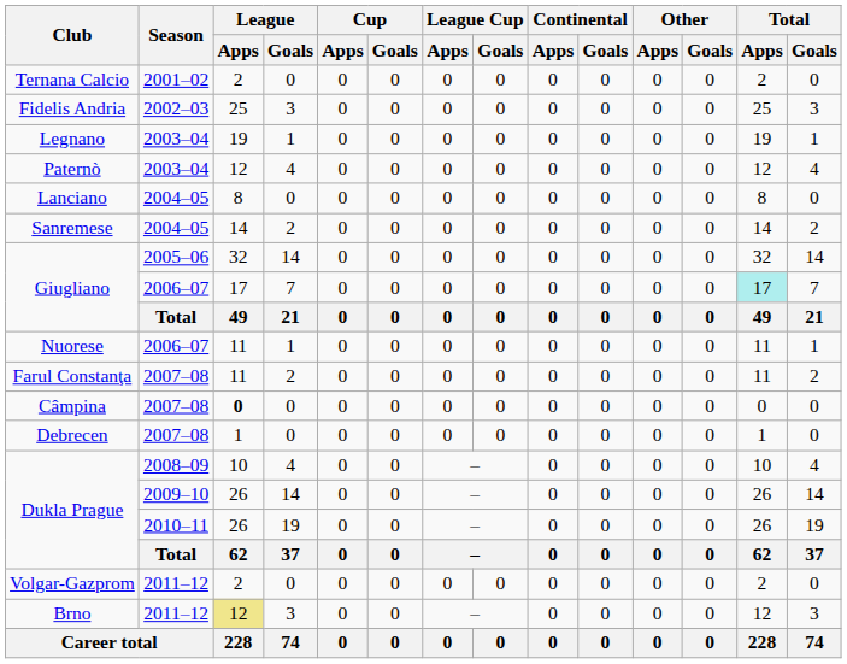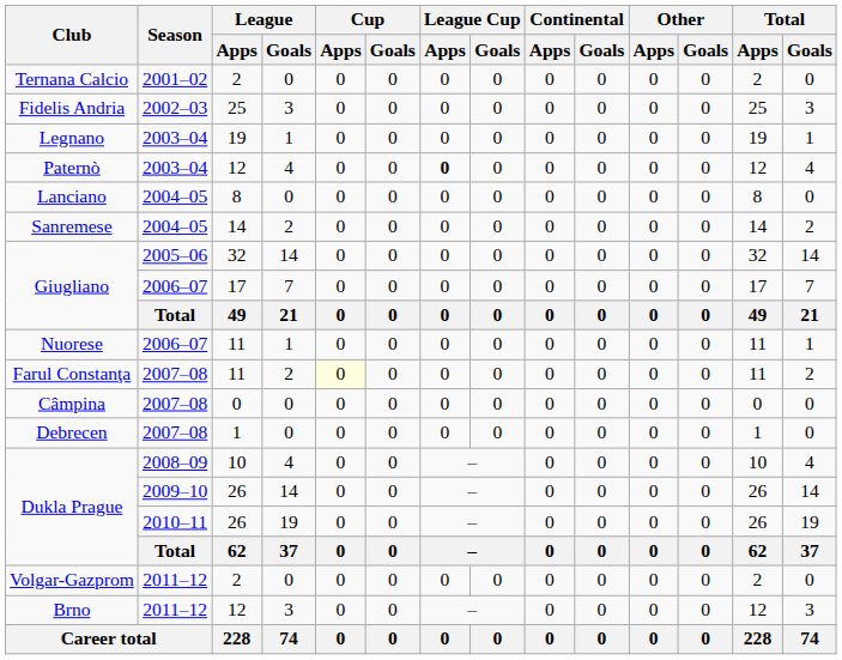 <table class="wikitable" style="text-align:center">
 <tr>
 <th rowspan="2">Club</th>
 <th rowspan="2">Season</th>
 <th colspan="2">League</th>
 <th colspan="2">Cup</th>
 <th colspan="2">League Cup</th>
 <th colspan="2">Continental</th>
 <th colspan="2">Other</th>
 <th colspan="2">Total</th>
 </tr>
 <tr>
 <th>Apps</th>
 <th>Goals</th>
 <th>Apps</th>
 <th>Goals</th>
 <th>Apps</th>
 <th>Goals</th>
 <th>Apps</th>
 <th>Goals</th>
 <th>Apps</th>
 <th>Goals</th>
 <th>Apps</th>
 <th>Goals</th>
 </tr>
 <tr>
 <td><a href='#'>Ternana Calcio</a></td>
 <td><a href='#'>2001–02</a></td>
 <td>2</td>
 <td>0</td>
 <td>0</td>
 <td>0</td>
 <td>0</td>
 <td>0</td>
 <td>0</td>
 <td>0</td>
 <td>0</td>
 <td>0</td>
 <td>2</td>
 <td>0</td>
 </tr>
 <tr>
 <td><a href='#'>Fidelis Andria</a></td>
 <td><a href='#'>2002–03</a></td>
 <td>25</td>
 <td>3</td>
 <td>0</td>
 <td>0</td>
 <td>0</td>
 <td>0</td>
 <td>0</td>
 <td>0</td>
 <td>0</td>
 <td>0</td>
 <td>25</td>
 <td>3</td>
 </tr>
 <tr>
 <td><a href='#'>Legnano</a></td>
 <td><a href='#'>2003–04</a></td>
 <td>19</td>
 <td>1</td>
 <td>0</td>
 <td>0</td>
 <td>0</td>
 <td>0</td>
 <td>0</td>
 <td>0</td>
 <td>0</td>
 <td>0</td>
 <td>19</td>
 <td>1</td>
 </tr>
 <tr>
 <td><a href='#'>Paternò</a></td>
 <td><a href='#'>2003–04</a></td>
 <td>12</td>
 <td>4</td>
 <td>0</td>
 <td>0</td>
-<td>0</td>
+<td><strong>0</strong></td>
 <td>0</td>
 <td>0</td>
 <td>0</td>
 <td>0</td>
 <td>0</td>
 <td>12</td>
 <td>4</td>
 </tr>
 <tr>
 <td><a href='#'>Lanciano</a></td>
 <td><a href='#'>2004–05</a></td>
 <td>8</td>
 <td>0</td>
 <td>0</td>
 <td>0</td>
 <td>0</td>
 <td>0</td>
 <td>0</td>
 <td>0</td>
 <td>0</td>
 <td>0</td>
 <td>8</td>
 <td>0</td>
 </tr>
 <tr>
 <td><a href='#'>Sanremese</a></td>
 <td><a href='#'>2004–05</a></td>
 <td>14</td>
 <td>2</td>
 <td>0</td>
 <td>0</td>
 <td>0</td>
 <td>0</td>
 <td>0</td>
 <td>0</td>
 <td>0</td>
 <td>0</td>
 <td>14</td>
 <td>2</td>
 </tr>
 <tr>
 <td rowspan="3"><a href='#'>Giugliano</a></td>
 <td><a href='#'>2005–06</a></td>
 <td>32</td>
 <td>14</td>
 <td>0</td>
 <td>0</td>
 <td>0</td>
 <td>0</td>
 <td>0</td>
 <td>0</td>
 <td>0</td>
 <td>0</td>
 <td>32</td>
 <td>14</td>
 </tr>
 <tr>
 <td><a href='#'>2006–07</a></td>
 <td>17</td>
 <td>7</td>
 <td>0</td>
 <td>0</td>
 <td>0</td>
 <td>0</td>
 <td>0</td>
 <td>0</td>
 <td>0</td>
 <td>0</td>
-<td style="background: paleturquoise;">17</td>
+<td>17</td>
 <td>7</td>
 </tr>
 <tr>
 <th>Total</th>
 <th>49</th>
 <th>21</th>
 <th>0</th>
 <th>0</th>
 <th>0</th>
 <th>0</th>
 <th>0</th>
 <th>0</th>
 <th>0</th>
 <th>0</th>
 <th>49</th>
 <th>21</th>
 </tr>
 <tr>
 <td><a href='#'>Nuorese</a></td>
 <td><a href='#'>2006–07</a></td>
 <td>11</td>
 <td>1</td>
 <td>0</td>
 <td>0</td>
 <td>0</td>
 <td>0</td>
 <td>0</td>
 <td>0</td>
 <td>0</td>
 <td>0</td>
 <td>11</td>
 <td>1</td>
 </tr>
 <tr>
 <td><a href='#'>Farul Constanţa</a></td>
 <td><a href='#'>2007–08</a></td>
 <td>11</td>
 <td>2</td>
-<td>0</td>
+<td style="background: lightyellow;">0</td>
 <td>0</td>
 <td>0</td>
 <td>0</td>
 <td>0</td>
 <td>0</td>
 <td>0</td>
 <td>0</td>
 <td>11</td>
 <td>2</td>
 </tr>
 <tr>
 <td><a href='#'>Câmpina</a></td>
 <td><a href='#'>2007–08</a></td>
-<td><strong>0</strong></td>
+<td>0</td>
 <td>0</td>
 <td>0</td>
 <td>0</td>
 <td>0</td>
 <td>0</td>
 <td>0</td>
 <td>0</td>
 <td>0</td>
 <td>0</td>
 <td>0</td>
 <td>0</td>
 </tr>
 <tr>
 <td><a href='#'>Debrecen</a></td>
 <td><a href='#'>2007–08</a></td>
 <td>1</td>
 <td>0</td>
 <td>0</td>
 <td>0</td>
 <td>0</td>
 <td>0</td>
 <td>0</td>
 <td>0</td>
 <td>0</td>
 <td>0</td>
 <td>1</td>
 <td>0</td>
 </tr>
 <tr>
 <td rowspan="4"><a href='#'>Dukla Prague</a></td>
 <td><a href='#'>2008–09</a></td>
 <td>10</td>
 <td>4</td>
 <td>0</td>
 <td>0</td>
 <td colspan="2">–</td>
 <td>0</td>
 <td>0</td>
 <td>0</td>
 <td>0</td>
 <td>10</td>
 <td>4</td>
 </tr>
 <tr>
 <td><a href='#'>2009–10</a></td>
 <td>26</td>
 <td>14</td>
 <td>0</td>
 <td>0</td>
 <td colspan="2">–</td>
 <td>0</td>
 <td>0</td>
 <td>0</td>
 <td>0</td>
 <td>26</td>
 <td>14</td>
 </tr>
 <tr>
 <td><a href='#'>2010–11</a></td>
 <td>26</td>
 <td>19</td>
 <td>0</td>
 <td>0</td>
 <td colspan="2">–</td>
 <td>0</td>
 <td>0</td>
 <td>0</td>
 <td>0</td>
 <td>26</td>
 <td>19</td>
 </tr>
 <tr>
 <th>Total</th>
 <th>62</th>
 <th>37</th>
 <th>0</th>
 <th>0</th>
 <th colspan="2">–</th>
 <th>0</th>
 <th>0</th>
 <th>0</th>
 <th>0</th>
 <th>62</th>
 <th>37</th>
 </tr>
 <tr>
 <td><a href='#'>Volgar-Gazprom</a></td>
 <td><a href='#'>2011–12</a></td>
 <td>2</td>
 <td>0</td>
 <td>0</td>
 <td>0</td>
 <td>0</td>
 <td>0</td>
 <td>0</td>
 <td>0</td>
 <td>0</td>
 <td>0</td>
 <td>2</td>
 <td>0</td>
 </tr>
 <tr>
 <td><a href='#'>Brno</a></td>
 <td><a href='#'>2011–12</a></td>
-<td style="background: khaki;">12</td>
+<td>12</td>
 <td>3</td>
 <td>0</td>
 <td>0</td>
 <td colspan="2">–</td>
 <td>0</td>
 <td>0</td>
 <td>0</td>
 <td>0</td>
 <td>12</td>
 <td>3</td>
 </tr>
 <tr>
 <th colspan="2">Career total</th>
 <th>228</th>
 <th>74</th>
 <th>0</th>
 <th>0</th>
 <th>0</th>
 <th>0</th>
 <th>0</th>
 <th>0</th>
 <th>0</th>
 <th>0</th>
 <th>228</th>
 <th>74</th>
 </tr>
 </table>
